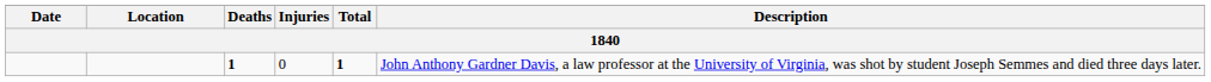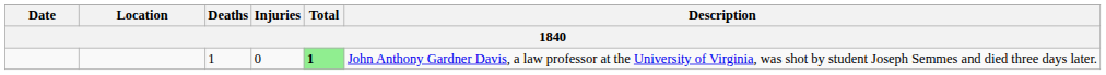 <table class="sortable wikitable" style="font-size:100%;" id="1840s">
 <tr>
 </tr>
 <tr>
 <th style="width:80px;">Date</th>
 <th style="width:140px;">Location</th>
 <th style="width:40px;">Deaths</th>
 <th style="width:40px;">Injuries</th>
 <th style="width:40px;">Total</th>
 <th class="unsortable">Description</th>
 </tr>
 <tr>
 <th colspan="6">1840 </th>
 </tr>
 <tr>
 <td></td>
 <td></td>
-<td><strong>1</strong></td>
+<td>1</td>
 <td>0</td>
-<td><strong>1</strong></td>
+<td style="background: lightgreen;"><strong>1</strong></td>
 <td><a href='#'>John Anthony Gardner Davis</a>, a law professor at the <a href='#'>University of Virginia</a>, was shot by student Joseph Semmes and died three days later.</td>
 </tr>
 </table>
